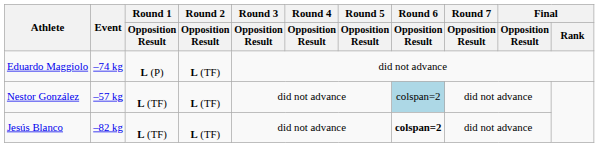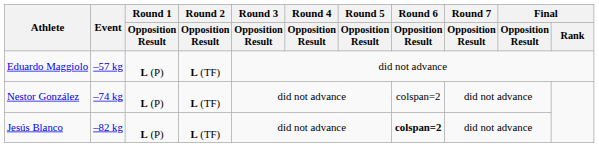 <table class="wikitable" border="1" style="font-size:90%">
 <tr>
 <th rowspan="2">Athlete</th>
 <th rowspan="2">Event</th>
 <th>Round 1</th>
 <th>Round 2</th>
 <th>Round 3</th>
 <th>Round 4</th>
 <th>Round 5</th>
 <th>Round 6</th>
 <th>Round 7</th>
 <th colspan=2>Final</th>
 </tr>
 <tr style="font-size: 95%">
 <th>Opposition<br>Result</th>
 <th>Opposition<br>Result</th>
 <th>Opposition<br>Result</th>
 <th>Opposition<br>Result</th>
 <th>Opposition<br>Result</th>
 <th>Opposition<br>Result</th>
 <th>Opposition<br>Result</th>
 <th>Opposition<br>Result</th>
 <th width=50>Rank</th>
 </tr>
 <tr align=center>
 <td align=left><a href='#'>Eduardo Maggiolo</a></td>
-<td align=left><a href='#'>–74 kg</a></td>
+<td align=left><a href='#'>–57 kg</a></td>
 <td><br><strong>L</strong> (P)</td>
 <td><br><strong>L</strong> (TF)</td>
 <td align=center colspan=7>did not advance</td>
 </tr>
 <tr align=center>
 <td align=left><a href='#'>Nestor González</a></td>
-<td align=left><a href='#'>–57 kg</a></td>
-<td><br><strong>L</strong> (TF)</td>
+<td align=left><a href='#'>–74 kg</a></td>
+<td><br><strong>L</strong> (P)</td>
 <td><br><strong>L</strong> (TF)</td>
 <td align=center colspan=3>did not advance</td>
-<td style="background: lightblue;">colspan=2 </td>
+<td>colspan=2 </td>
 <td align=center colspan=2>did not advance</td>
 </tr>
 <tr align=center>
 <td align=left><a href='#'>Jesús Blanco</a></td>
 <td align=left><a href='#'>–82 kg</a></td>
-<td><br><strong>L</strong> (TF)</td>
+<td><br><strong>L</strong> (P)</td>
 <td><br><strong>L</strong> (TF)</td>
 <td align=center colspan=3>did not advance</td>
 <td><strong>colspan=2 </strong></td>
 <td align=center colspan=2>did not advance</td>
 </tr>
 </table>
